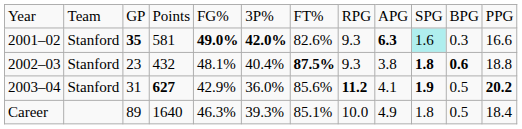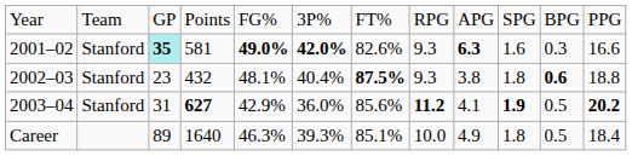 <table class="wikitable">
 <tr>
 <td>Year</td>
 <td>Team</td>
 <td>GP</td>
 <td>Points</td>
 <td>FG%</td>
 <td>3P%</td>
 <td>FT%</td>
 <td>RPG</td>
 <td>APG</td>
 <td>SPG</td>
 <td>BPG</td>
 <td>PPG</td>
 </tr>
 <tr>
 <td>2001–02</td>
 <td>Stanford</td>
-<td><strong>35</strong></td>
+<td style="background: paleturquoise;"><strong>35</strong></td>
 <td>581</td>
 <td><strong>49.0%</strong></td>
 <td><strong>42.0%</strong></td>
 <td>82.6%</td>
 <td>9.3</td>
 <td><strong>6.3</strong></td>
-<td style="background: paleturquoise;">1.6</td>
+<td>1.6</td>
 <td>0.3</td>
 <td>16.6</td>
 </tr>
 <tr>
 <td>2002–03</td>
 <td>Stanford</td>
 <td>23</td>
 <td>432</td>
 <td>48.1%</td>
 <td>40.4%</td>
 <td><strong>87.5%</strong></td>
 <td>9.3</td>
 <td>3.8</td>
-<td><strong>1.8</strong></td>
+<td>1.8</td>
 <td><strong>0.6</strong></td>
 <td>18.8</td>
 </tr>
 <tr>
 <td>2003–04</td>
 <td>Stanford</td>
 <td>31</td>
 <td><strong>627</strong></td>
 <td>42.9%</td>
 <td>36.0%</td>
 <td>85.6%</td>
 <td><strong>11.2</strong></td>
 <td>4.1</td>
 <td><strong>1.9</strong></td>
 <td>0.5</td>
 <td><strong>20.2</strong></td>
 </tr>
 <tr>
 <td>Career</td>
 <td></td>
 <td>89</td>
 <td>1640</td>
 <td>46.3%</td>
 <td>39.3%</td>
 <td>85.1%</td>
 <td>10.0</td>
 <td>4.9</td>
 <td>1.8</td>
 <td>0.5</td>
 <td>18.4</td>
 </tr>
 </table>
